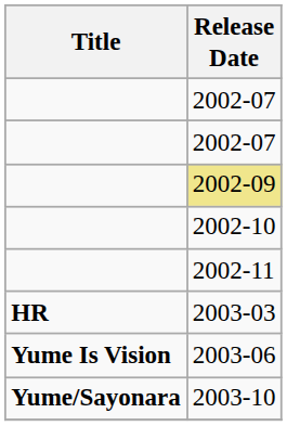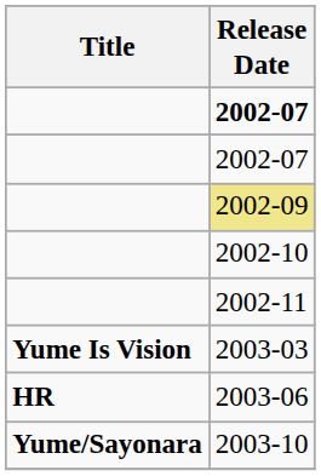 <table class="wikitable" style="font-size:small">
 <tr>
 <th>Title</th>
 <th>Release<br> Date</th>
 </tr>
 <tr>
 <td><br></td>
-<td>2002-07</td>
+<td><strong>2002-07</strong></td>
 </tr>
 <tr>
 <td><br></td>
 <td>2002-07</td>
 </tr>
 <tr>
 <td><br></td>
 <td style="background: khaki;">2002-09</td>
 </tr>
 <tr>
 <td><br></td>
 <td>2002-10</td>
 </tr>
 <tr>
 <td><br></td>
 <td>2002-11</td>
 </tr>
 <tr>
-<td><strong>HR</strong><br></td>
+<td><strong>Yume Is Vision</strong><br></td>
 <td>2003-03</td>
 </tr>
 <tr>
-<td><strong>Yume Is Vision</strong><br></td>
+<td><strong>HR</strong><br></td>
 <td>2003-06</td>
 </tr>
 <tr>
 <td><strong>Yume/Sayonara</strong><br></td>
 <td>2003-10</td>
 </tr>
 <tr>
 </tr>
 </table>
